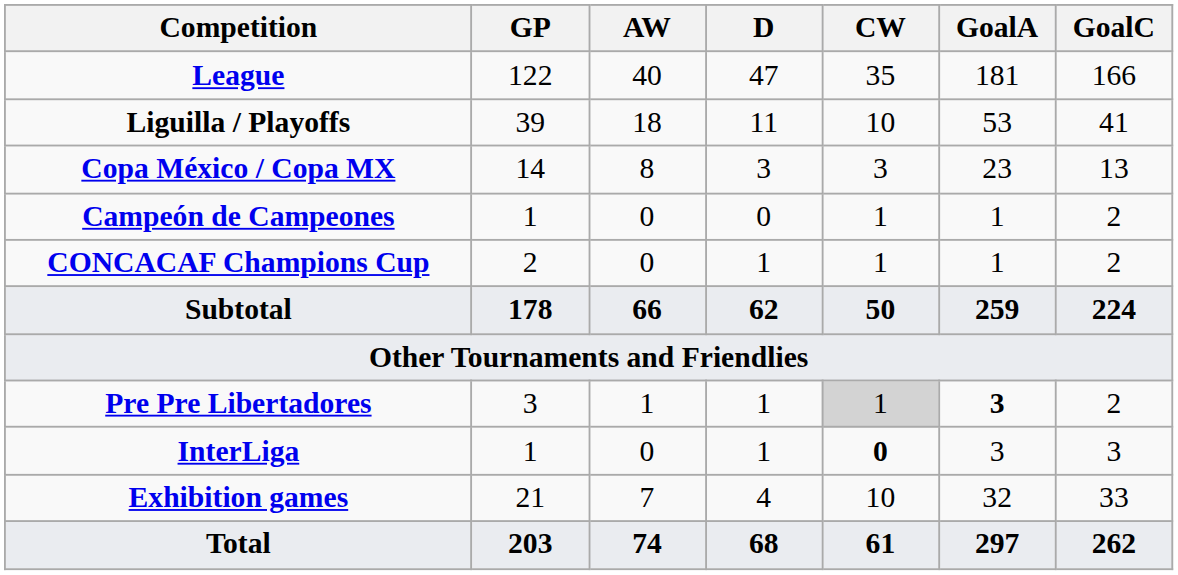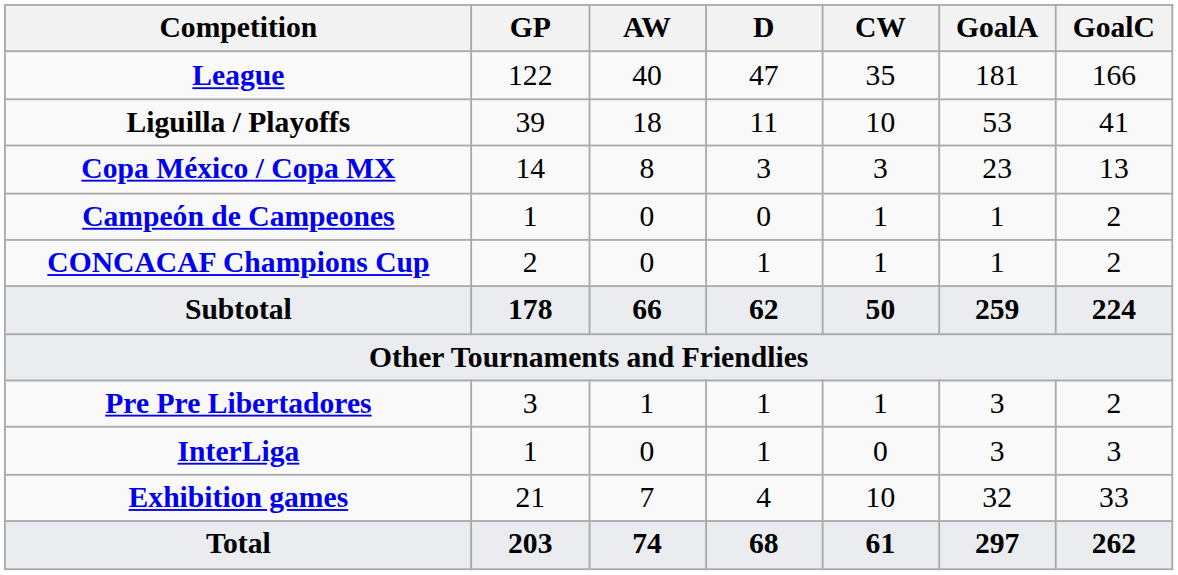 <table class="wikitable" style="width:50%;text-align:center">
 <tr align=center bgcolor=#EAECF0>
 <th width=40%>Competition</th>
 <th width=10%>GP</th>
 <th width=10%>AW</th>
 <th width=10%>D</th>
 <th width=10%>CW</th>
 <th width=10%>GoalA</th>
 <th width=10%>GoalC</th>
 </tr>
 <tr align=center>
 <td><strong><a href='#'>League</a></strong></td>
 <td>122</td>
 <td>40</td>
 <td>47</td>
 <td>35</td>
 <td>181</td>
 <td>166</td>
 </tr>
 <tr align=center>
 <td><strong>Liguilla / Playoffs</strong></td>
 <td>39</td>
 <td>18</td>
 <td>11</td>
 <td>10</td>
 <td>53</td>
 <td>41</td>
 </tr>
 <tr align=center>
 <td><strong><a href='#'>Copa México / Copa MX</a></strong></td>
 <td>14</td>
 <td>8</td>
 <td>3</td>
 <td>3</td>
 <td>23</td>
 <td>13</td>
 </tr>
 <tr align=center>
 <td><strong><a href='#'>Campeón de Campeones</a></strong></td>
 <td>1</td>
 <td>0</td>
 <td>0</td>
 <td>1</td>
 <td>1</td>
 <td>2</td>
 </tr>
 <tr align=center>
 <td><strong><a href='#'>CONCACAF Champions Cup</a></strong></td>
 <td>2</td>
 <td>0</td>
 <td>1</td>
 <td>1</td>
 <td>1</td>
 <td>2</td>
 </tr>
 <tr align=center bgcolor=#EAECF0>
 <td><strong>Subtotal</strong></td>
 <td><strong>178</strong></td>
 <td><strong>66</strong></td>
 <td><strong>62</strong></td>
 <td><strong>50</strong></td>
 <td><strong>259</strong></td>
 <td><strong>224</strong></td>
 </tr>
 <tr align=center bgcolor=#EAECF0>
 <td colspan="7"><strong>Other Tournaments and Friendlies</strong></td>
 </tr>
 <tr align=center>
 <td><strong><a href='#'>Pre Pre Libertadores</a></strong></td>
 <td>3</td>
 <td>1</td>
 <td>1</td>
-<td style="background: lightgrey;">1</td>
-<td><strong>3</strong></td>
+<td>1</td>
+<td>3</td>
 <td>2</td>
 </tr>
 <tr align=center>
 <td><strong><a href='#'>InterLiga</a></strong></td>
 <td>1</td>
 <td>0</td>
 <td>1</td>
-<td><strong>0</strong></td>
+<td>0</td>
 <td>3</td>
 <td>3</td>
 </tr>
 <tr align=center>
 <td><strong><a href='#'>Exhibition games</a></strong></td>
 <td>21</td>
 <td>7</td>
 <td>4</td>
 <td>10</td>
 <td>32</td>
 <td>33</td>
 </tr>
 <tr align=center bgcolor=#EAECF0>
 <td><strong>Total</strong></td>
 <td><strong>203</strong></td>
 <td><strong>74</strong></td>
 <td><strong>68</strong></td>
 <td><strong>61</strong></td>
 <td><strong>297</strong></td>
 <td><strong>262</strong></td>
 </tr>
 </table>
